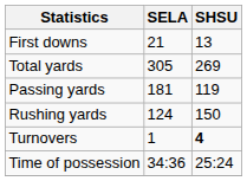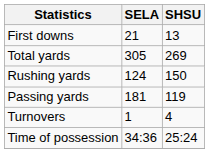 <table class="wikitable">
 <tr>
 <th>Statistics</th>
 <th>SELA</th>
 <th>SHSU</th>
 </tr>
 <tr>
 <td>First downs</td>
 <td>21</td>
 <td>13</td>
 </tr>
 <tr>
 <td>Total yards</td>
 <td>305</td>
 <td>269</td>
 </tr>
 <tr>
+<td>Rushing yards</td>
+<td>124</td>
+<td>150</td>
+</tr>
+<tr>
 <td>Passing yards</td>
 <td>181</td>
 <td>119</td>
 </tr>
 <tr>
-<td>Rushing yards</td>
-<td>124</td>
-<td>150</td>
-</tr>
-<tr>
 <td>Turnovers</td>
 <td>1</td>
-<td><strong>4</strong></td>
+<td>4</td>
 </tr>
 <tr>
 <td>Time of possession</td>
 <td>34:36</td>
 <td>25:24</td>
 </tr>
 <tr>
 </tr>
 </table>
